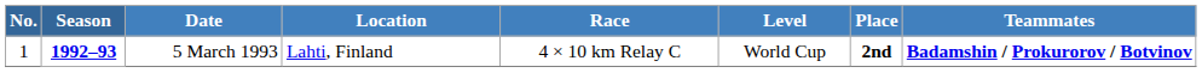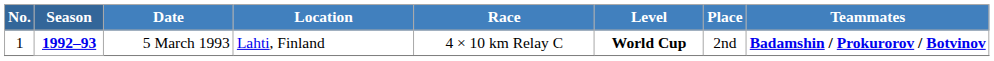 <table class="wikitable sortable" style="font-size:95%; text-align:center; border:grey solid 1px; border-collapse:collapse; background:#ffffff;">
 <tr style="background:#efefef;">
 <th style="background-color:#369; color:white;">No.</th>
 <th style="background-color:#369; color:white;">Season</th>
 <th style="background-color:#4180be; color:white; width:120px;">Date</th>
 <th style="background-color:#4180be; color:white; width:170px;">Location</th>
 <th style="background-color:#4180be; color:white; width:170px;">Race</th>
 <th style="background-color:#4180be; color:white; width:100px;">Level</th>
 <th style="background-color:#4180be; color:white;"><strong>Place</strong></th>
 <th style="background-color:#4180be; color:white;">Teammates</th>
 </tr>
 <tr>
 <td align=center>1</td>
 <td rowspan=2 align=center><strong> <a href='#'>1992–93</a> </strong></td>
 <td align=right>5 March 1993</td>
 <td align=left> <a href='#'>Lahti</a>, Finland</td>
 <td>4 × 10 km Relay C</td>
-<td>World Cup</td>
-<td><strong>2nd</strong></td>
+<td><strong>World Cup</strong></td>
+<td>2nd</td>
 <td><strong><a href='#'>Badamshin</a> / <a href='#'>Prokurorov</a> / <a href='#'>Botvinov</a></strong></td>
 </tr>
 <tr>
 </tr>
 </table>
